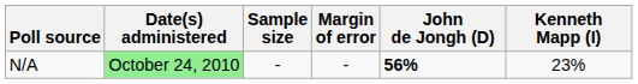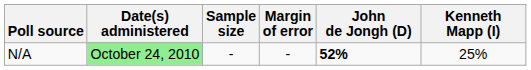 <table class="wikitable" style="font-size:90%">
 <tr valign=bottom>
 <th>Poll source</th>
 <th>Date(s)<br>administered</th>
 <th>Sample<br>size</th>
 <th>Margin<br>of error</th>
 <th style="width:100px;">John<br>de Jongh (D)</th>
 <th style="width:100px;">Kenneth<br>Mapp (I)</th>
 </tr>
 <tr>
 <td>N/A</td>
 <td style="background: lightgreen;">October 24, 2010</td>
 <td rowspan=2 align=center>-</td>
 <td rowspan=2 align=center>-</td>
-<td><strong>56%</strong></td>
-<td align=center>23%</td>
+<td><strong>52%</strong></td>
+<td align=center>25%</td>
 </tr>
 </table>
